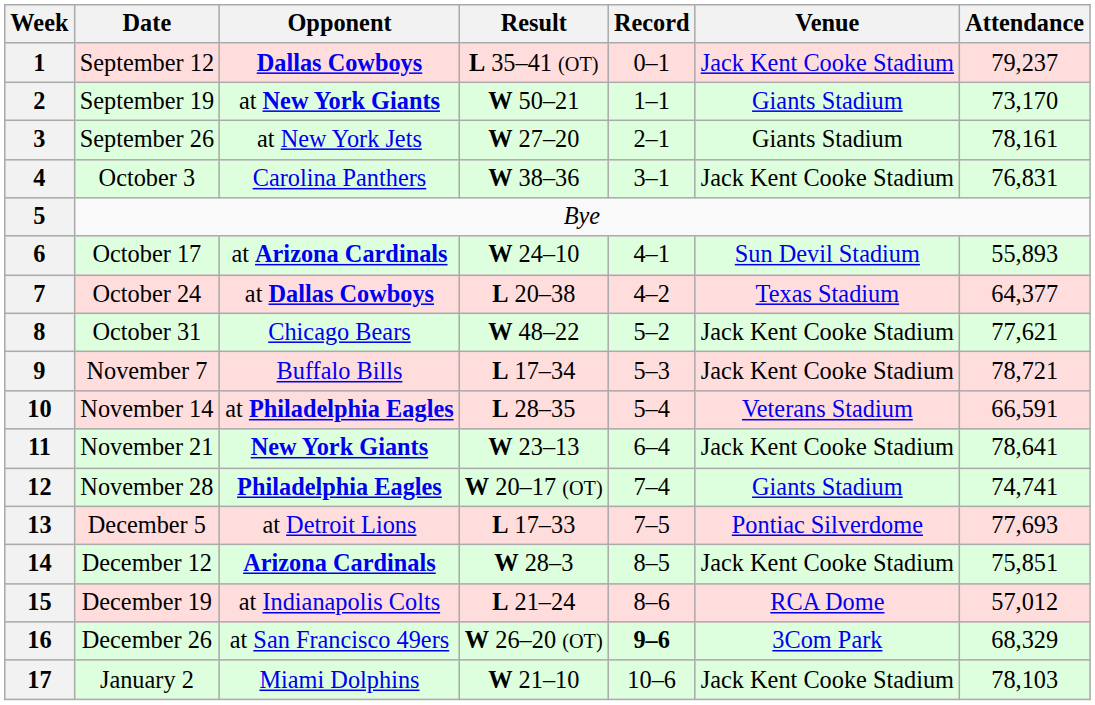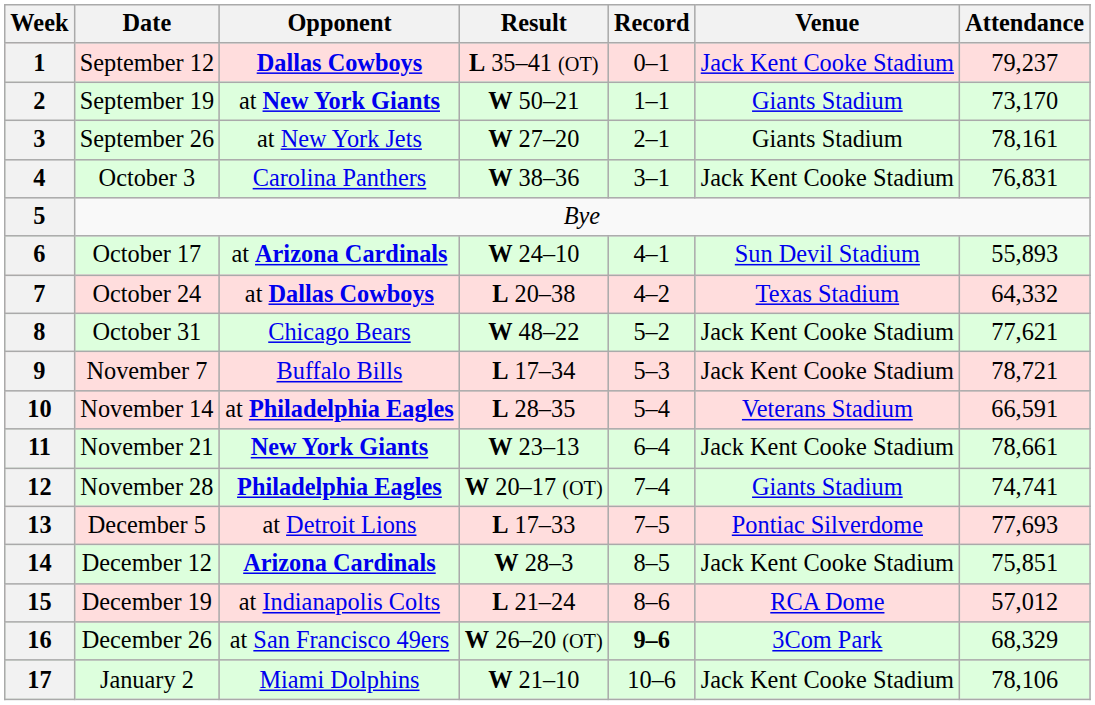 <table class="wikitable" style="text-align:center">
 <tr>
 <th>Week</th>
 <th>Date</th>
 <th>Opponent</th>
 <th>Result</th>
 <th>Record</th>
 <th>Venue</th>
 <th>Attendance</th>
 </tr>
 <tr style="background: #ffdddd;">
 <th>1</th>
 <td>September 12</td>
 <td><strong><a href='#'>Dallas Cowboys</a></strong></td>
 <td><strong>L</strong> 35–41 <small>(OT)</small></td>
 <td>0–1</td>
 <td><a href='#'>Jack Kent Cooke Stadium</a></td>
 <td>79,237</td>
 </tr>
 <tr style="background: #ddffdd;">
 <th>2</th>
 <td>September 19</td>
 <td>at <strong><a href='#'>New York Giants</a></strong></td>
 <td><strong>W</strong> 50–21</td>
 <td>1–1</td>
 <td><a href='#'>Giants Stadium</a></td>
 <td>73,170</td>
 </tr>
 <tr style="background: #ddffdd;">
 <th>3</th>
 <td>September 26</td>
 <td>at <a href='#'>New York Jets</a></td>
 <td><strong>W</strong> 27–20</td>
 <td>2–1</td>
 <td>Giants Stadium</td>
 <td>78,161</td>
 </tr>
 <tr style="background: #ddffdd;">
 <th>4</th>
 <td>October 3</td>
 <td><a href='#'>Carolina Panthers</a></td>
 <td><strong>W</strong> 38–36</td>
 <td>3–1</td>
 <td>Jack Kent Cooke Stadium</td>
 <td>76,831</td>
 </tr>
 <tr>
 <th>5</th>
 <td colspan=6 align="center"><em>Bye</em></td>
 </tr>
 <tr style="background: #ddffdd;">
 <th>6</th>
 <td>October 17</td>
 <td>at <strong><a href='#'>Arizona Cardinals</a></strong></td>
 <td><strong>W</strong> 24–10</td>
 <td>4–1</td>
 <td><a href='#'>Sun Devil Stadium</a></td>
 <td>55,893</td>
 </tr>
 <tr style="background: #ffdddd;">
 <th>7</th>
 <td>October 24</td>
 <td>at <strong><a href='#'>Dallas Cowboys</a></strong></td>
 <td><strong>L</strong> 20–38</td>
 <td>4–2</td>
 <td><a href='#'>Texas Stadium</a></td>
-<td>64,377</td>
+<td>64,332</td>
 </tr>
 <tr style="background: #ddffdd;">
 <th>8</th>
 <td>October 31</td>
 <td><a href='#'>Chicago Bears</a></td>
 <td><strong>W</strong> 48–22</td>
 <td>5–2</td>
 <td>Jack Kent Cooke Stadium</td>
 <td>77,621</td>
 </tr>
 <tr style="background: #ffdddd;">
 <th>9</th>
 <td>November 7</td>
 <td><a href='#'>Buffalo Bills</a></td>
 <td><strong>L</strong> 17–34</td>
 <td>5–3</td>
 <td>Jack Kent Cooke Stadium</td>
 <td>78,721</td>
 </tr>
 <tr style="background: #ffdddd;">
 <th>10</th>
 <td>November 14</td>
 <td>at <strong><a href='#'>Philadelphia Eagles</a></strong></td>
 <td><strong>L</strong> 28–35</td>
 <td>5–4</td>
 <td><a href='#'>Veterans Stadium</a></td>
 <td>66,591</td>
 </tr>
 <tr style="background: #ddffdd;">
 <th>11</th>
 <td>November 21</td>
 <td><strong><a href='#'>New York Giants</a></strong></td>
 <td><strong>W</strong> 23–13</td>
 <td>6–4</td>
 <td>Jack Kent Cooke Stadium</td>
-<td>78,641</td>
+<td>78,661</td>
 </tr>
 <tr style="background: #ddffdd;">
 <th>12</th>
 <td>November 28</td>
 <td><strong><a href='#'>Philadelphia Eagles</a></strong></td>
 <td><strong>W</strong> 20–17 <small>(OT)</small></td>
 <td>7–4</td>
 <td><a href='#'>Giants Stadium</a></td>
 <td>74,741</td>
 </tr>
 <tr style="background: #ffdddd;">
 <th>13</th>
 <td>December 5</td>
 <td>at <a href='#'>Detroit Lions</a></td>
 <td><strong>L</strong> 17–33</td>
 <td>7–5</td>
 <td><a href='#'>Pontiac Silverdome</a></td>
 <td>77,693</td>
 </tr>
 <tr style="background: #ddffdd;">
 <th>14</th>
 <td>December 12</td>
 <td><strong><a href='#'>Arizona Cardinals</a></strong></td>
 <td><strong>W</strong> 28–3</td>
 <td>8–5</td>
 <td>Jack Kent Cooke Stadium</td>
 <td>75,851</td>
 </tr>
 <tr style="background: #ffdddd;">
 <th>15</th>
 <td>December 19</td>
 <td>at <a href='#'>Indianapolis Colts</a></td>
 <td><strong>L</strong> 21–24</td>
 <td>8–6</td>
 <td><a href='#'>RCA Dome</a></td>
 <td>57,012</td>
 </tr>
 <tr style="background: #ddffdd;">
 <th>16</th>
 <td>December 26</td>
 <td>at <a href='#'>San Francisco 49ers</a></td>
 <td><strong>W</strong> 26–20 <small>(OT)</small></td>
 <td><strong>9–6</strong></td>
 <td><a href='#'>3Com Park</a></td>
 <td>68,329</td>
 </tr>
 <tr style="background: #ddffdd;">
 <th>17</th>
 <td>January 2</td>
 <td><a href='#'>Miami Dolphins</a></td>
 <td><strong>W</strong> 21–10</td>
 <td>10–6</td>
 <td>Jack Kent Cooke Stadium</td>
-<td>78,103</td>
+<td>78,106</td>
 </tr>
 </table>
